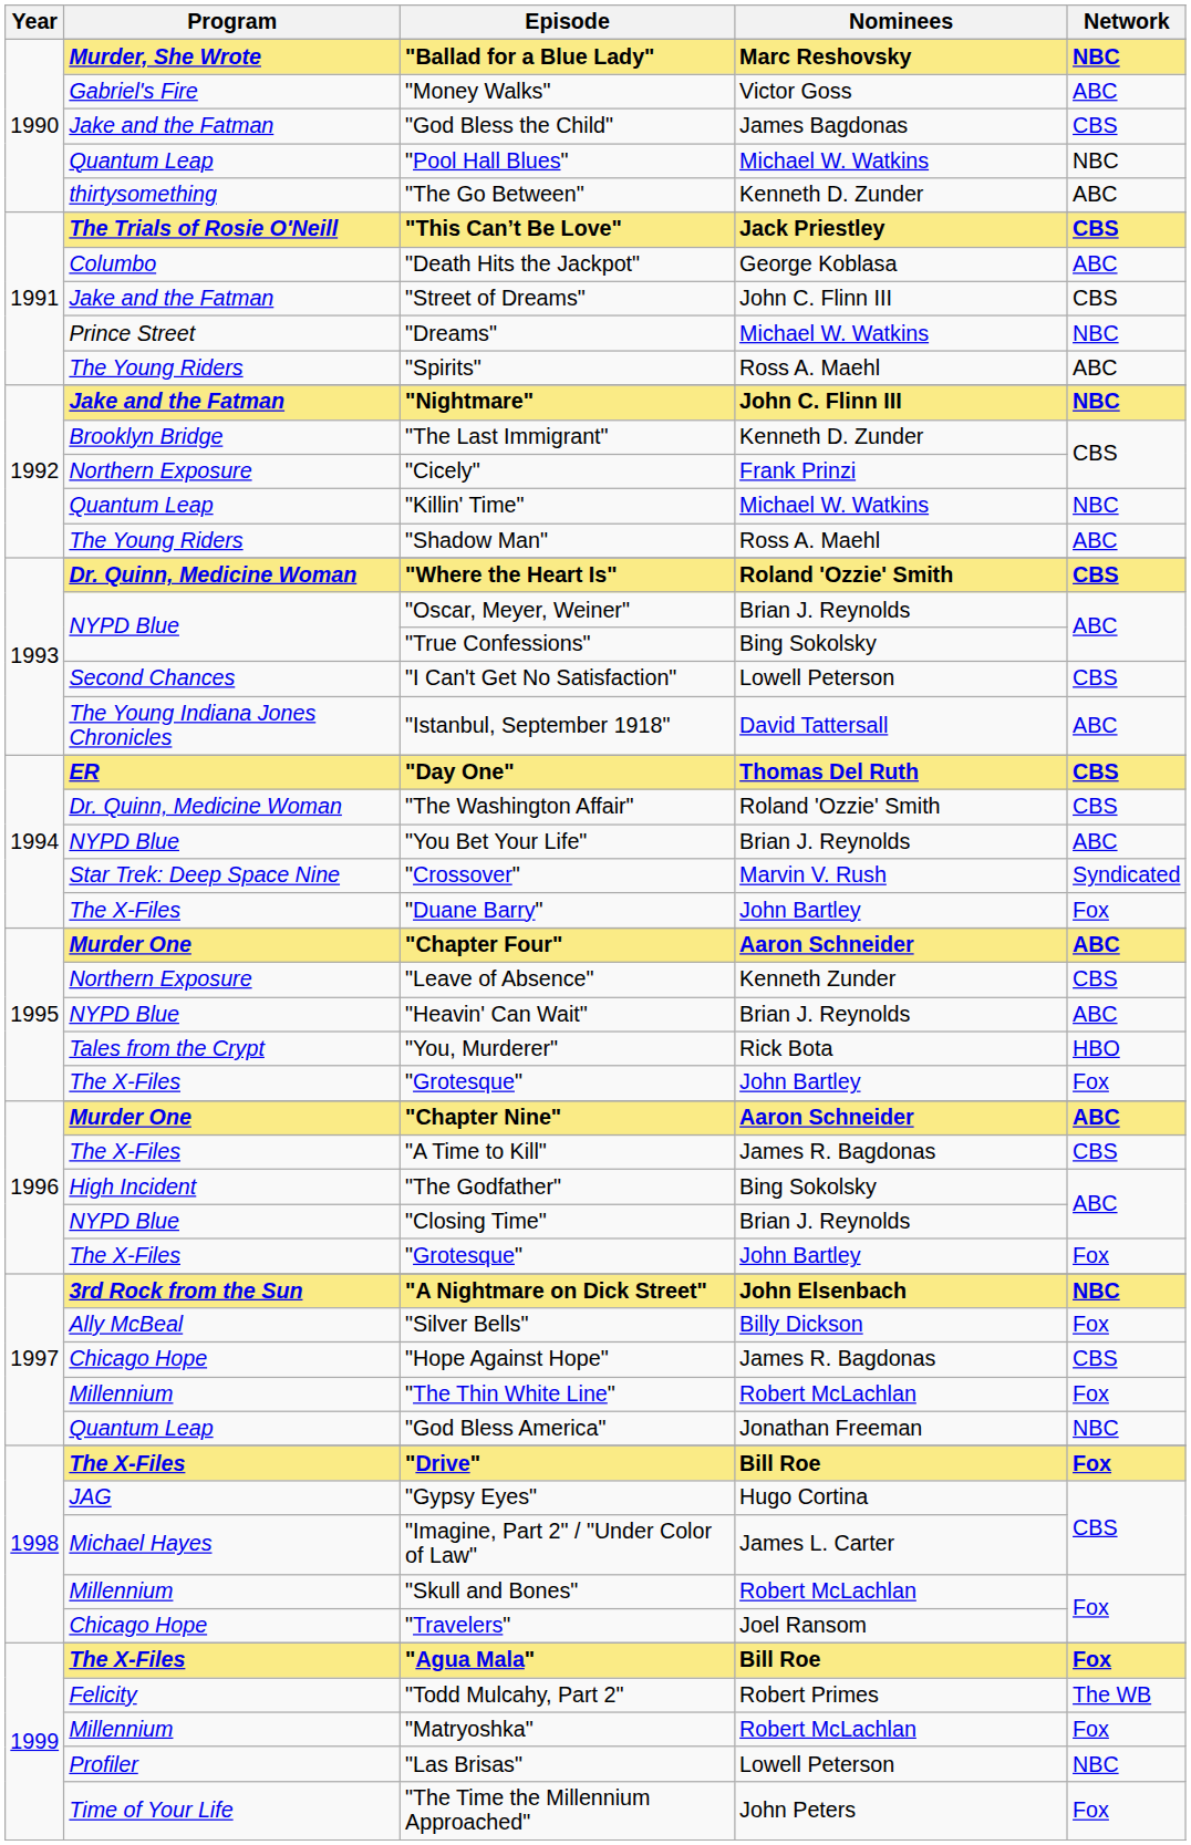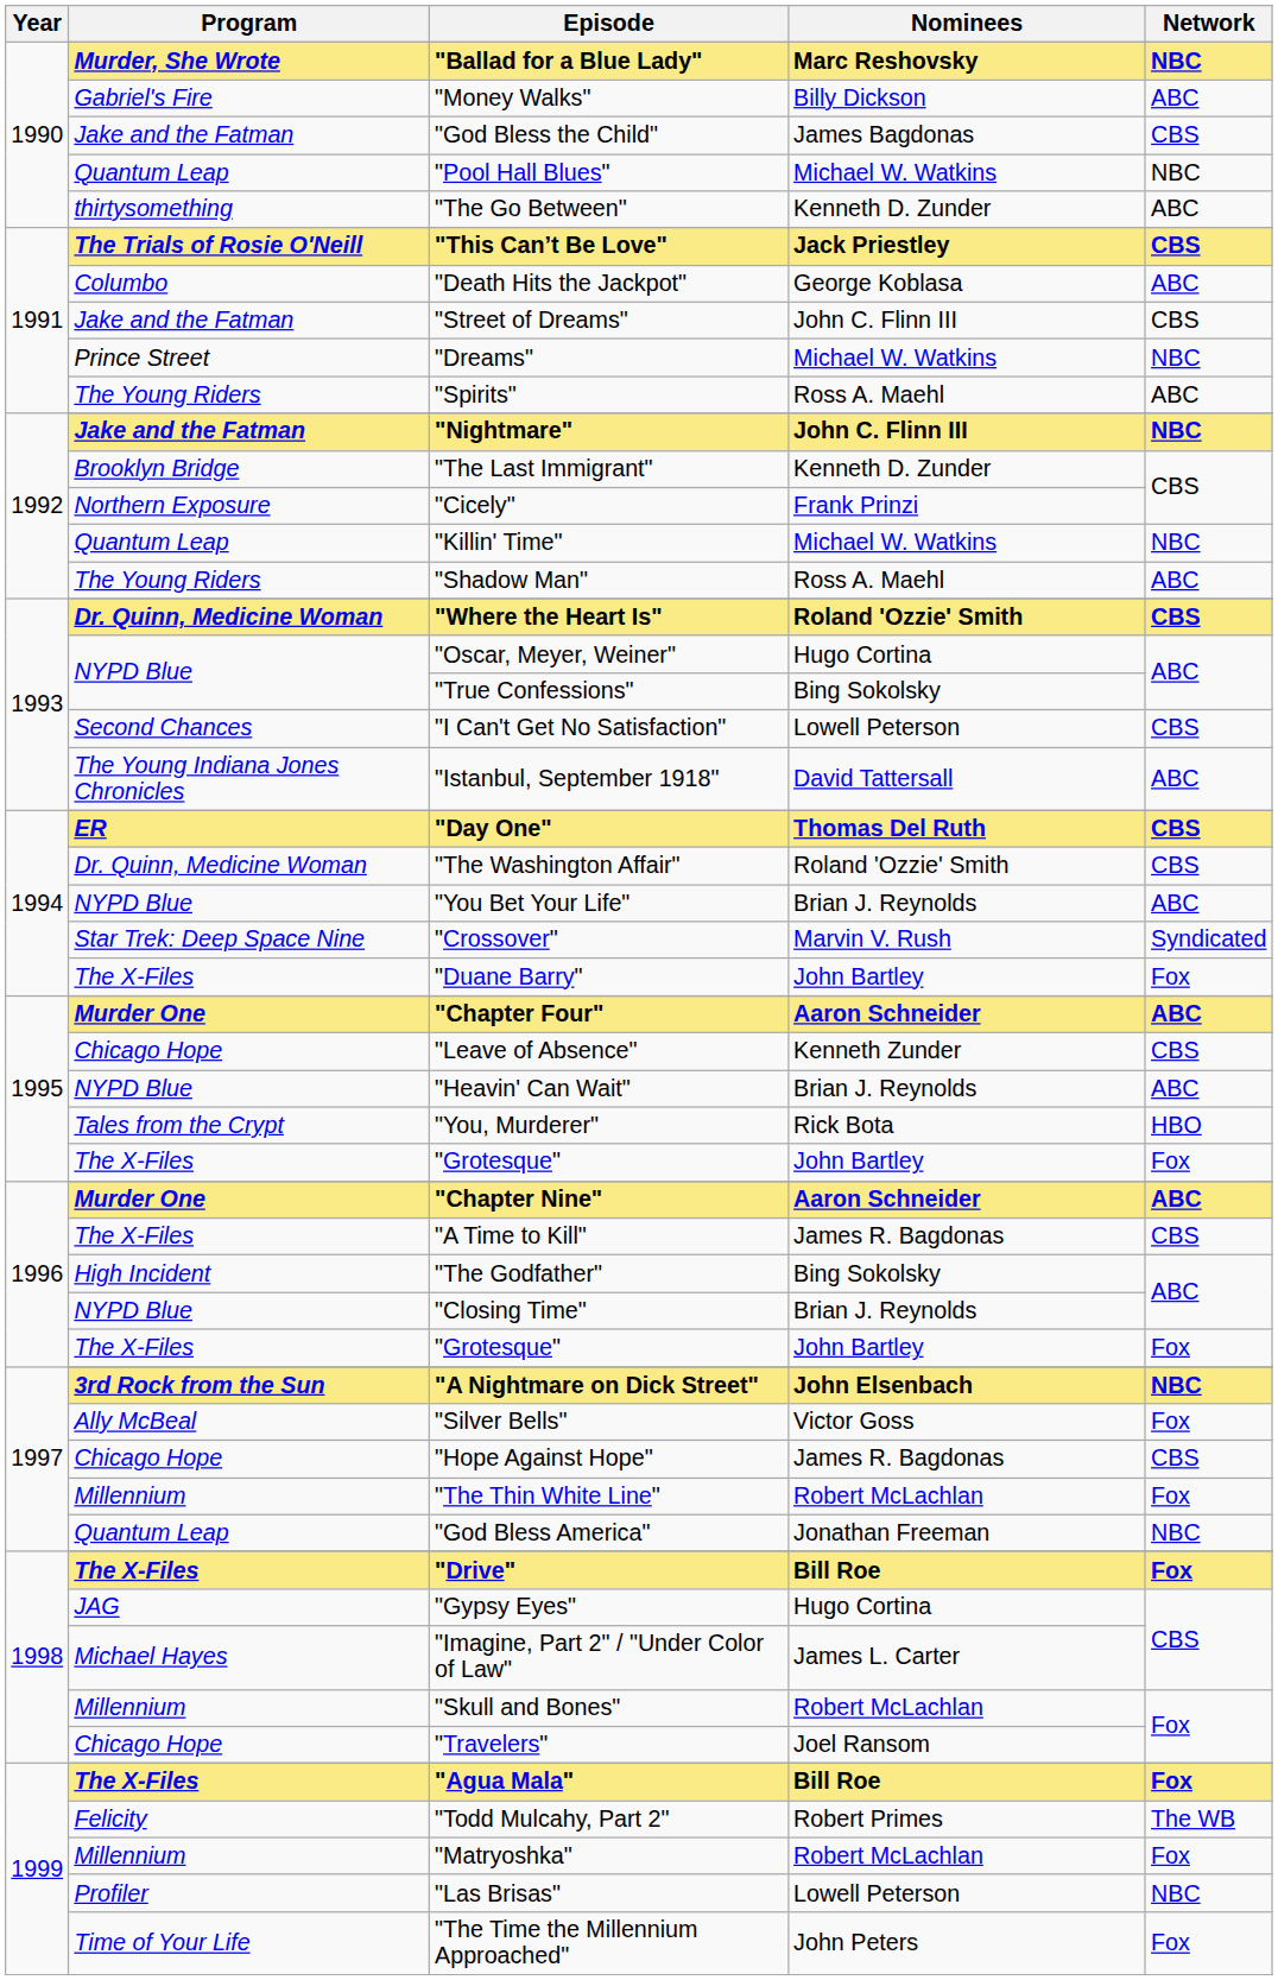 <table class="wikitable">
 <tr>
 <th width="5%">Year</th>
 <th width="30%">Program</th>
 <th width="30%">Episode</th>
 <th width="30%">Nominees</th>
 <th width="5%">Network</th>
 </tr>
 <tr>
 <td rowspan="6" style="text-align:center;">1990<br></td>
 </tr>
 <tr style="background:#FAEB86;">
 <td><strong><em><a href='#'>Murder, She Wrote</a></em></strong></td>
 <td><strong>"Ballad for a Blue Lady"</strong></td>
 <td><strong>Marc Reshovsky</strong></td>
 <td><strong><a href='#'>NBC</a></strong></td>
 </tr>
 <tr>
 <td><em><a href='#'>Gabriel's Fire</a></em></td>
 <td>"Money Walks"</td>
-<td>Victor Goss</td>
+<td><a href='#'>Billy Dickson</a></td>
 <td><a href='#'>ABC</a></td>
 </tr>
 <tr>
 <td><em><a href='#'>Jake and the Fatman</a></em></td>
 <td>"God Bless the Child"</td>
 <td>James Bagdonas</td>
 <td><a href='#'>CBS</a></td>
 </tr>
 <tr>
 <td><em><a href='#'>Quantum Leap</a></em></td>
 <td>"<a href='#'>Pool Hall Blues</a>"</td>
 <td><a href='#'>Michael W. Watkins</a></td>
 <td>NBC</td>
 </tr>
 <tr>
 <td><em><a href='#'>thirtysomething</a></em></td>
 <td>"The Go Between"</td>
 <td>Kenneth D. Zunder</td>
 <td>ABC</td>
 </tr>
 <tr>
 <td rowspan="6" style="text-align:center;">1991<br></td>
 </tr>
 <tr style="background:#FAEB86;">
 <td><strong><em><a href='#'>The Trials of Rosie O'Neill</a></em></strong></td>
 <td><strong>"This Can’t Be Love"</strong></td>
 <td><strong>Jack Priestley</strong></td>
 <td><strong><a href='#'>CBS</a></strong></td>
 </tr>
 <tr>
 <td><em><a href='#'>Columbo</a></em></td>
 <td>"Death Hits the Jackpot"</td>
 <td>George Koblasa</td>
 <td><a href='#'>ABC</a></td>
 </tr>
 <tr>
 <td><em><a href='#'>Jake and the Fatman</a></em></td>
 <td>"Street of Dreams"</td>
 <td>John C. Flinn III</td>
 <td>CBS</td>
 </tr>
 <tr>
 <td><em>Prince Street</em></td>
 <td>"Dreams"</td>
 <td><a href='#'>Michael W. Watkins</a></td>
 <td><a href='#'>NBC</a></td>
 </tr>
 <tr>
 <td><em><a href='#'>The Young Riders</a></em></td>
 <td>"Spirits"</td>
 <td>Ross A. Maehl</td>
 <td>ABC</td>
 </tr>
 <tr>
 <td rowspan="6" style="text-align:center;">1992<br></td>
 </tr>
 <tr style="background:#FAEB86;">
 <td><strong><em><a href='#'>Jake and the Fatman</a></em></strong></td>
 <td><strong>"Nightmare"</strong></td>
 <td><strong>John C. Flinn III</strong></td>
 <td><strong><a href='#'>NBC</a></strong></td>
 </tr>
 <tr>
 <td><em><a href='#'>Brooklyn Bridge</a></em></td>
 <td>"The Last Immigrant"</td>
 <td>Kenneth D. Zunder</td>
 <td rowspan="2">CBS</td>
 </tr>
 <tr>
 <td><em><a href='#'>Northern Exposure</a></em></td>
 <td>"Cicely"</td>
 <td><a href='#'>Frank Prinzi</a></td>
 </tr>
 <tr>
 <td><em><a href='#'>Quantum Leap</a></em></td>
 <td>"Killin' Time"</td>
 <td><a href='#'>Michael W. Watkins</a></td>
 <td><a href='#'>NBC</a></td>
 </tr>
 <tr>
 <td><em><a href='#'>The Young Riders</a></em></td>
 <td>"Shadow Man"</td>
 <td>Ross A. Maehl</td>
 <td><a href='#'>ABC</a></td>
 </tr>
 <tr>
 <td rowspan="6" style="text-align:center;">1993<br></td>
 </tr>
 <tr style="background:#FAEB86;">
 <td><strong><em><a href='#'>Dr. Quinn, Medicine Woman</a></em></strong></td>
 <td><strong>"Where the Heart Is"</strong></td>
 <td><strong>Roland 'Ozzie' Smith</strong></td>
 <td><strong><a href='#'>CBS</a></strong></td>
 </tr>
 <tr>
 <td rowspan=2><em><a href='#'>NYPD Blue</a></em></td>
 <td>"Oscar, Meyer, Weiner"</td>
-<td>Brian J. Reynolds</td>
+<td>Hugo Cortina</td>
 <td rowspan=2><a href='#'>ABC</a></td>
 </tr>
 <tr>
 <td>"True Confessions"</td>
 <td>Bing Sokolsky</td>
 </tr>
 <tr>
 <td><em><a href='#'>Second Chances</a></em></td>
 <td>"I Can't Get No Satisfaction"</td>
 <td>Lowell Peterson</td>
 <td><a href='#'>CBS</a></td>
 </tr>
 <tr>
 <td><em><a href='#'>The Young Indiana Jones Chronicles</a></em></td>
 <td>"Istanbul, September 1918"</td>
 <td><a href='#'>David Tattersall</a></td>
 <td><a href='#'>ABC</a></td>
 </tr>
 <tr>
 <td rowspan="6" style="text-align:center;">1994<br></td>
 </tr>
 <tr style="background:#FAEB86;">
 <td><strong><em><a href='#'>ER</a></em></strong></td>
 <td><strong>"Day One"</strong></td>
 <td><strong><a href='#'>Thomas Del Ruth</a></strong></td>
 <td><strong><a href='#'>CBS</a></strong></td>
 </tr>
 <tr>
 <td><em><a href='#'>Dr. Quinn, Medicine Woman</a></em></td>
 <td>"The Washington Affair"</td>
 <td>Roland 'Ozzie' Smith</td>
 <td><a href='#'>CBS</a></td>
 </tr>
 <tr>
 <td><em><a href='#'>NYPD Blue</a></em></td>
 <td>"You Bet Your Life"</td>
 <td>Brian J. Reynolds</td>
 <td><a href='#'>ABC</a></td>
 </tr>
 <tr>
 <td><em><a href='#'>Star Trek: Deep Space Nine</a></em></td>
 <td>"<a href='#'>Crossover</a>"</td>
 <td><a href='#'>Marvin V. Rush</a></td>
 <td><a href='#'>Syndicated</a></td>
 </tr>
 <tr>
 <td><em><a href='#'>The X-Files</a></em></td>
 <td>"<a href='#'>Duane Barry</a>"</td>
 <td><a href='#'>John Bartley</a></td>
 <td><a href='#'>Fox</a></td>
 </tr>
 <tr>
 <td rowspan="6" style="text-align:center;">1995<br></td>
 </tr>
 <tr style="background:#FAEB86;">
 <td><strong><em><a href='#'>Murder One</a></em></strong></td>
 <td><strong>"Chapter Four"</strong></td>
 <td><strong><a href='#'>Aaron Schneider</a></strong></td>
 <td><strong><a href='#'>ABC</a></strong></td>
 </tr>
 <tr>
-<td><em><a href='#'>Northern Exposure</a></em></td>
+<td><em><a href='#'>Chicago Hope</a></em></td>
 <td>"Leave of Absence"</td>
 <td>Kenneth Zunder</td>
 <td><a href='#'>CBS</a></td>
 </tr>
 <tr>
 <td><em><a href='#'>NYPD Blue</a></em></td>
 <td>"Heavin' Can Wait"</td>
 <td>Brian J. Reynolds</td>
 <td><a href='#'>ABC</a></td>
 </tr>
 <tr>
 <td><em><a href='#'>Tales from the Crypt</a></em></td>
 <td>"You, Murderer"</td>
 <td>Rick Bota</td>
 <td><a href='#'>HBO</a></td>
 </tr>
 <tr>
 <td><em><a href='#'>The X-Files</a></em></td>
 <td>"<a href='#'>Grotesque</a>"</td>
 <td><a href='#'>John Bartley</a></td>
 <td><a href='#'>Fox</a></td>
 </tr>
 <tr>
 <td rowspan="6" style="text-align:center;">1996<br></td>
 </tr>
 <tr style="background:#FAEB86;">
 <td><strong><em><a href='#'>Murder One</a></em></strong></td>
 <td><strong>"Chapter Nine"</strong></td>
 <td><strong><a href='#'>Aaron Schneider</a></strong></td>
 <td><strong><a href='#'>ABC</a></strong></td>
 </tr>
 <tr>
 <td><em><a href='#'>The X-Files</a></em></td>
 <td>"A Time to Kill"</td>
 <td>James R. Bagdonas</td>
 <td><a href='#'>CBS</a></td>
 </tr>
 <tr>
 <td><em><a href='#'>High Incident</a></em></td>
 <td>"The Godfather"</td>
 <td>Bing Sokolsky</td>
 <td rowspan=2><a href='#'>ABC</a></td>
 </tr>
 <tr>
 <td><em><a href='#'>NYPD Blue</a></em></td>
 <td>"Closing Time"</td>
 <td>Brian J. Reynolds</td>
 </tr>
 <tr>
 <td><em><a href='#'>The X-Files</a></em></td>
 <td>"<a href='#'>Grotesque</a>"</td>
 <td><a href='#'>John Bartley</a></td>
 <td><a href='#'>Fox</a></td>
 </tr>
 <tr>
 <td rowspan="6" style="text-align:center;">1997<br></td>
 </tr>
 <tr style="background:#FAEB86;">
 <td><strong><em><a href='#'>3rd Rock from the Sun</a></em></strong></td>
 <td><strong>"A Nightmare on Dick Street"</strong></td>
 <td><strong>John Elsenbach</strong></td>
 <td><strong><a href='#'>NBC</a></strong></td>
 </tr>
 <tr>
 <td><em><a href='#'>Ally McBeal</a></em></td>
 <td>"Silver Bells"</td>
-<td><a href='#'>Billy Dickson</a></td>
+<td>Victor Goss</td>
 <td><a href='#'>Fox</a></td>
 </tr>
 <tr>
 <td><em><a href='#'>Chicago Hope</a></em></td>
 <td>"Hope Against Hope"</td>
 <td>James R. Bagdonas</td>
 <td><a href='#'>CBS</a></td>
 </tr>
 <tr>
 <td><em><a href='#'>Millennium</a></em></td>
 <td>"<a href='#'>The Thin White Line</a>"</td>
 <td><a href='#'>Robert McLachlan</a></td>
 <td><a href='#'>Fox</a></td>
 </tr>
 <tr>
 <td><em><a href='#'>Quantum Leap</a></em></td>
 <td>"God Bless America"</td>
 <td>Jonathan Freeman</td>
 <td><a href='#'>NBC</a></td>
 </tr>
 <tr>
 <td rowspan="6" style="text-align:center;"><a href='#'>1998</a><br></td>
 </tr>
 <tr style="background:#FAEB86;">
 <td><strong><em><a href='#'>The X-Files</a></em></strong></td>
 <td><strong>"<a href='#'>Drive</a>"</strong></td>
 <td><strong>Bill Roe</strong></td>
 <td><strong><a href='#'>Fox</a></strong></td>
 </tr>
 <tr>
 <td><em><a href='#'>JAG</a></em></td>
 <td>"Gypsy Eyes"</td>
 <td>Hugo Cortina</td>
 <td rowspan=2><a href='#'>CBS</a></td>
 </tr>
 <tr>
 <td><em><a href='#'>Michael Hayes</a></em></td>
 <td>"Imagine, Part 2" / "Under Color of Law"</td>
 <td>James L. Carter</td>
 </tr>
 <tr>
 <td><em><a href='#'>Millennium</a></em></td>
 <td>"Skull and Bones"</td>
 <td><a href='#'>Robert McLachlan</a></td>
 <td rowspan=2><a href='#'>Fox</a></td>
 </tr>
 <tr>
 <td><em><a href='#'>Chicago Hope</a></em></td>
 <td>"<a href='#'>Travelers</a>"</td>
 <td>Joel Ransom</td>
 </tr>
 <tr>
 <td rowspan="6" style="text-align:center;"><a href='#'>1999</a><br></td>
 </tr>
 <tr style="background:#FAEB86;">
 <td><strong><em><a href='#'>The X-Files</a></em></strong></td>
 <td><strong>"<a href='#'>Agua Mala</a>"</strong></td>
 <td><strong>Bill Roe</strong></td>
 <td><strong><a href='#'>Fox</a></strong></td>
 </tr>
 <tr>
 <td><em><a href='#'>Felicity</a></em></td>
 <td>"Todd Mulcahy, Part 2"</td>
 <td>Robert Primes</td>
 <td><a href='#'>The WB</a></td>
 </tr>
 <tr>
 <td><em><a href='#'>Millennium</a></em></td>
 <td>"Matryoshka"</td>
 <td><a href='#'>Robert McLachlan</a></td>
 <td><a href='#'>Fox</a></td>
 </tr>
 <tr>
 <td><em><a href='#'>Profiler</a></em></td>
 <td>"Las Brisas"</td>
 <td>Lowell Peterson</td>
 <td><a href='#'>NBC</a></td>
 </tr>
 <tr>
 <td><em><a href='#'>Time of Your Life</a></em></td>
 <td>"The Time the Millennium Approached"</td>
 <td>John Peters</td>
 <td><a href='#'>Fox</a></td>
 </tr>
 <tr>
 </tr>
 </table>
